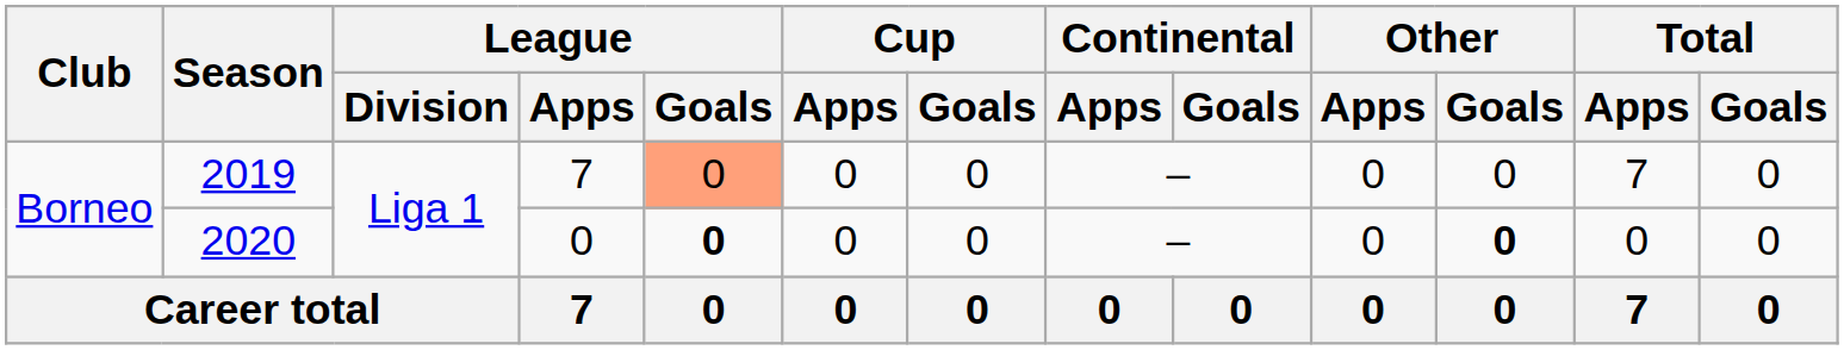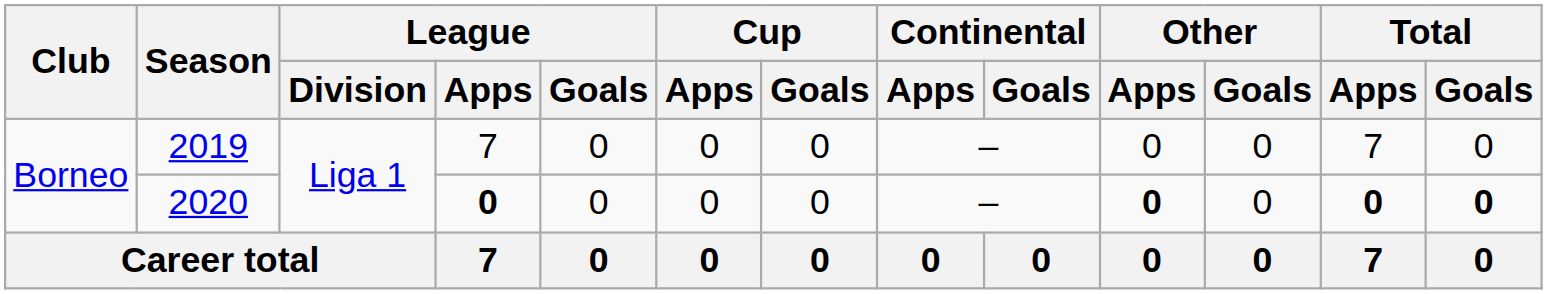 <table class="wikitable" style="text-align: center">
 <tr>
 <th rowspan="2">Club</th>
 <th rowspan="2">Season</th>
 <th colspan="3">League</th>
 <th colspan="2">Cup</th>
 <th colspan="2">Continental</th>
 <th colspan="2">Other</th>
 <th colspan="2">Total</th>
 </tr>
 <tr>
 <th>Division</th>
 <th>Apps</th>
 <th>Goals</th>
 <th>Apps</th>
 <th>Goals</th>
 <th>Apps</th>
 <th>Goals</th>
 <th>Apps</th>
 <th>Goals</th>
 <th>Apps</th>
 <th>Goals</th>
 </tr>
 <tr>
 <td rowspan="2"><a href='#'>Borneo</a></td>
 <td><a href='#'>2019</a></td>
 <td rowspan="2" valign="center"><a href='#'>Liga 1</a></td>
 <td>7</td>
-<td style="background: lightsalmon;">0</td>
+<td>0</td>
 <td>0</td>
 <td>0</td>
 <td colspan="2">–</td>
 <td>0</td>
 <td>0</td>
 <td>7</td>
 <td>0</td>
 </tr>
 <tr>
 <td><a href='#'>2020</a></td>
-<td>0</td>
 <td><strong>0</strong></td>
 <td>0</td>
 <td>0</td>
+<td>0</td>
 <td colspan="2">–</td>
+<td><strong>0</strong></td>
 <td>0</td>
 <td><strong>0</strong></td>
-<td>0</td>
-<td>0</td>
+<td><strong>0</strong></td>
 </tr>
 <tr>
 <th colspan=3>Career total</th>
 <th>7</th>
 <th>0</th>
 <th>0</th>
 <th>0</th>
 <th>0</th>
 <th>0</th>
 <th>0</th>
 <th>0</th>
 <th>7</th>
 <th>0</th>
 </tr>
 </table>
